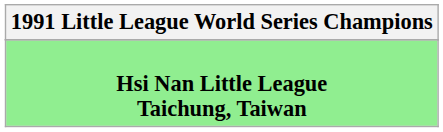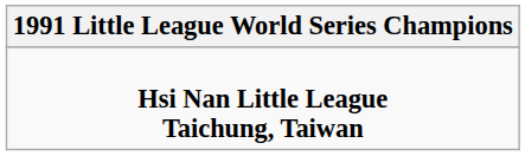 <table class="wikitable" style="text-align: center; margin: 0 auto;">
 <tr>
 <th>1991 Little League World Series Champions</th>
 </tr>
 <tr>
 </tr>
 <tr>
-<td style="background: lightgreen;"><br><strong>Hsi Nan Little League</strong><br><strong>Taichung, Taiwan</strong></td>
+<td><br><strong>Hsi Nan Little League</strong><br><strong>Taichung, Taiwan</strong></td>
 </tr>
 </table>
